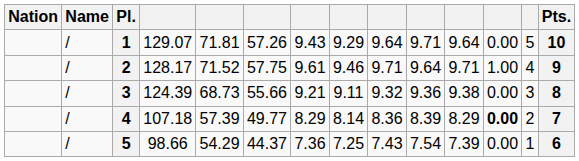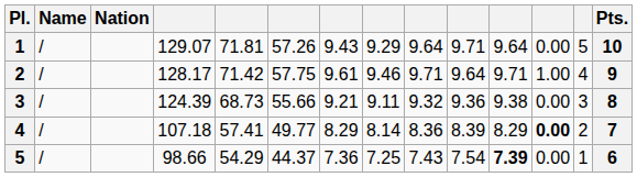 <table class="wikitable sortable" style="text-align:center">
 <tr>
+<th>Pl.</th>
+<th>Name</th>
 <th>Nation</th>
-<th>Name</th>
-<th>Pl.</th>
 <th></th>
 <th></th>
 <th></th>
 <th></th>
 <th></th>
 <th></th>
 <th></th>
 <th></th>
 <th></th>
 <th></th>
 <th>Pts.</th>
 </tr>
 <tr>
+<th>1</th>
+<td align="left"> / </td>
 <td align="left"></td>
-<td align="left"> / </td>
-<th>1</th>
 <td>129.07</td>
 <td>71.81</td>
 <td>57.26</td>
 <td>9.43</td>
 <td>9.29</td>
 <td>9.64</td>
 <td>9.71</td>
 <td>9.64</td>
 <td>0.00</td>
 <td>5</td>
 <th>10</th>
 </tr>
 <tr>
+<th>2</th>
+<td align="left"> / </td>
 <td align="left"></td>
-<td align="left"> / </td>
-<th>2</th>
 <td>128.17</td>
-<td>71.52</td>
+<td>71.42</td>
 <td>57.75</td>
 <td>9.61</td>
 <td>9.46</td>
 <td>9.71</td>
 <td>9.64</td>
 <td>9.71</td>
 <td>1.00</td>
 <td>4</td>
 <th>9</th>
 </tr>
 <tr>
+<th>3</th>
+<td align="left"> / </td>
 <td align="left"></td>
-<td align="left"> / </td>
-<th>3</th>
 <td>124.39</td>
 <td>68.73</td>
 <td>55.66</td>
 <td>9.21</td>
 <td>9.11</td>
 <td>9.32</td>
 <td>9.36</td>
 <td>9.38</td>
 <td>0.00</td>
 <td>3</td>
 <th>8</th>
 </tr>
 <tr>
+<th>4</th>
+<td align="left"> / </td>
 <td align="left"></td>
-<td align="left"> / </td>
-<th>4</th>
 <td>107.18</td>
-<td>57.39</td>
+<td>57.41</td>
 <td>49.77</td>
 <td>8.29</td>
 <td>8.14</td>
 <td>8.36</td>
 <td>8.39</td>
 <td>8.29</td>
 <td><strong>0.00</strong></td>
 <td>2</td>
 <th>7</th>
 </tr>
 <tr>
+<th>5</th>
+<td align="left"> / </td>
 <td align="left"></td>
-<td align="left"> / </td>
-<th>5</th>
 <td>98.66</td>
 <td>54.29</td>
 <td>44.37</td>
 <td>7.36</td>
 <td>7.25</td>
 <td>7.43</td>
 <td>7.54</td>
-<td>7.39</td>
+<td><strong>7.39</strong></td>
 <td>0.00</td>
 <td>1</td>
 <th>6</th>
 </tr>
 </table>
